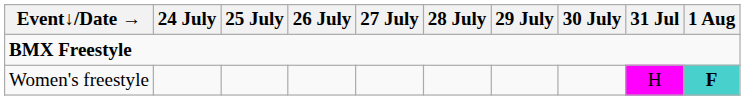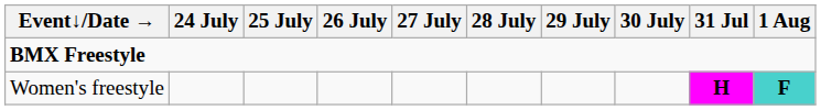 <table class="wikitable olympic-schedule cycling">
 <tr>
 <th>Event↓/Date →</th>
 <th>24 July</th>
 <th>25 July</th>
 <th>26 July</th>
 <th>27 July</th>
 <th>28 July</th>
 <th>29 July</th>
 <th colspan="2">30 July</th>
 <th>31 Jul</th>
 <th>1 Aug</th>
 </tr>
 <tr>
 <td colspan="11" class="event"><strong>BMX Freestyle</strong></td>
 </tr>
 <tr>
 <td class="event">Women's freestyle</td>
 <td></td>
 <td></td>
 <td></td>
 <td></td>
 <td></td>
 <td></td>
 <td colspan="2"></td>
-<td bgcolor="#FF00FF" align=center class="heat">H</td>
+<td bgcolor="#FF00FF" align=center class="heat"><strong>H</strong></td>
 <td bgcolor="#48D1CC" align=center class="finals"><strong>F</strong></td>
 </tr>
 </table>
